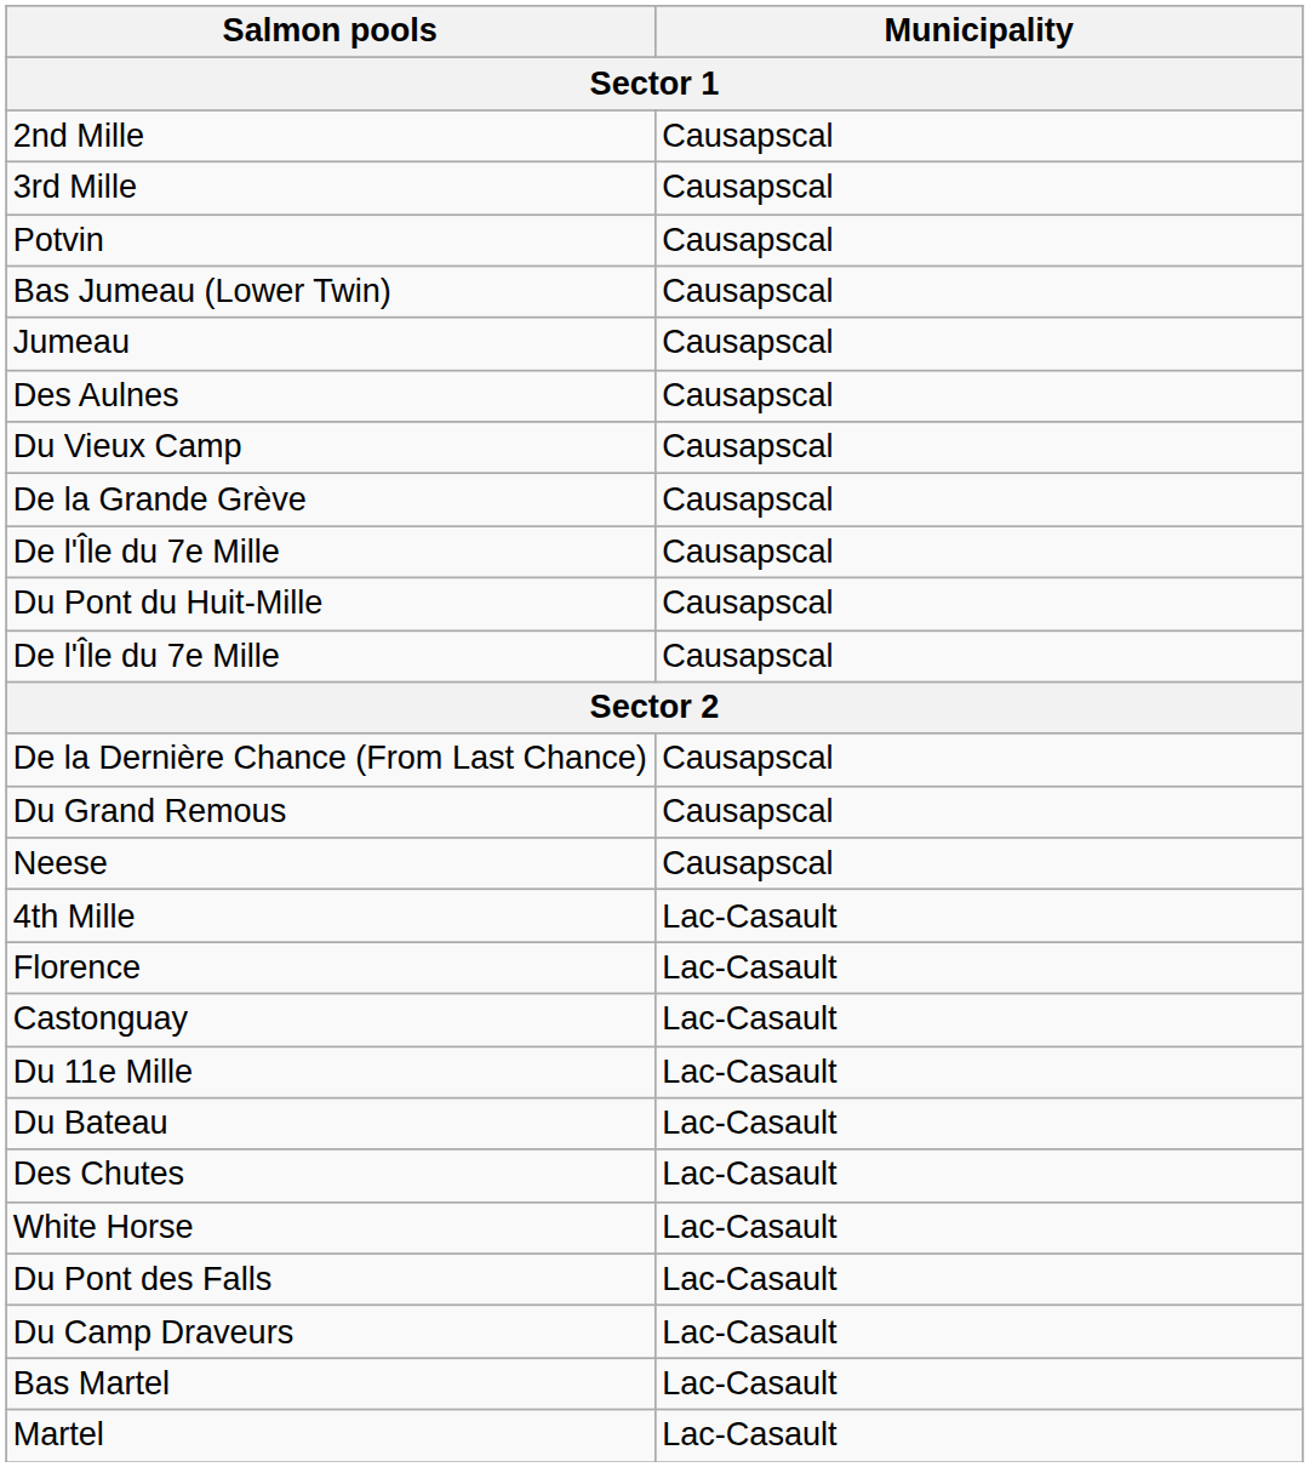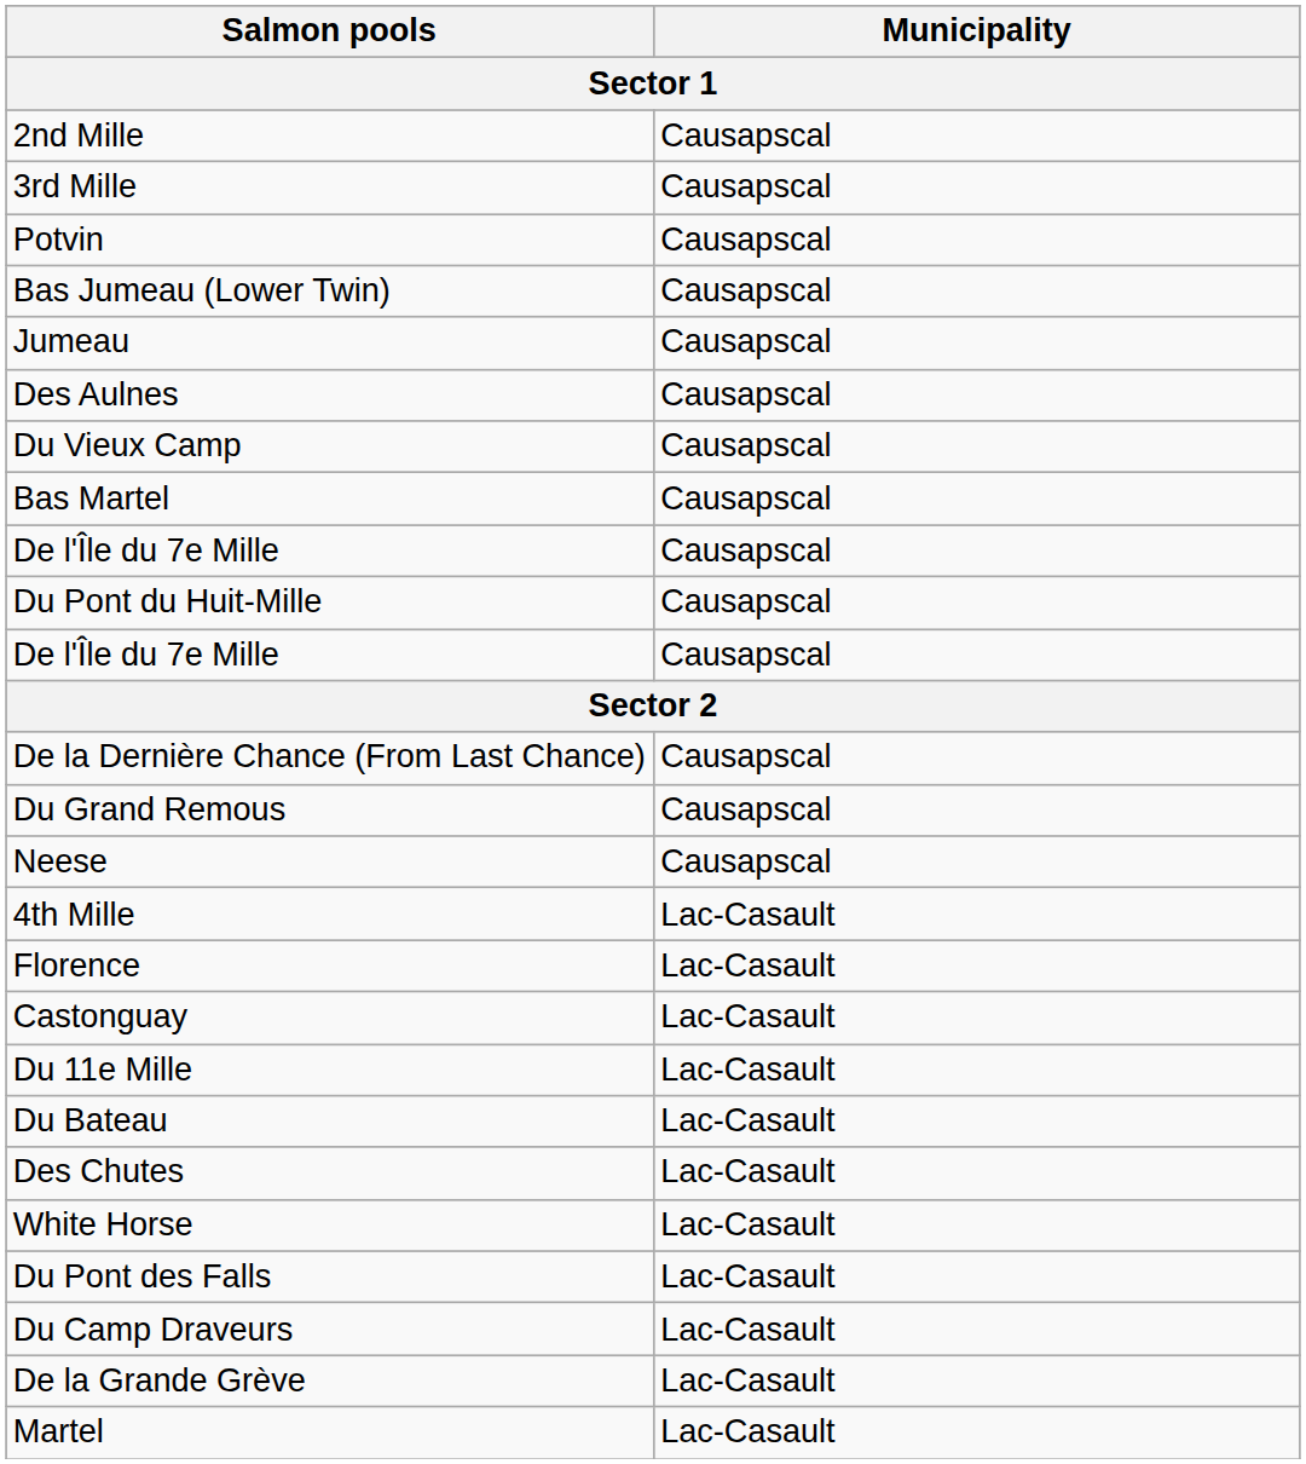 <table class="wikitable" style="margin:1em auto;">
 <tr>
 <th>Salmon pools</th>
 <th Width = "50%">Municipality</th>
 </tr>
 <tr>
 <th Colspan = "2">Sector 1</th>
 </tr>
 <tr>
 <td>2nd Mille</td>
 <td>Causapscal</td>
 </tr>
 <tr>
 <td>3rd Mille</td>
 <td>Causapscal</td>
 </tr>
 <tr>
 <td>Potvin</td>
 <td>Causapscal</td>
 </tr>
 <tr>
 <td>Bas Jumeau (Lower Twin)</td>
 <td>Causapscal</td>
 </tr>
 <tr>
 <td>Jumeau</td>
 <td>Causapscal</td>
 </tr>
 <tr>
 <td>Des Aulnes</td>
 <td>Causapscal</td>
 </tr>
 <tr>
 <td>Du Vieux Camp</td>
 <td>Causapscal</td>
 </tr>
 <tr>
-<td>De la Grande Grève</td>
+<td>Bas Martel</td>
 <td>Causapscal</td>
 </tr>
 <tr>
 <td>De l'Île du 7e Mille</td>
 <td>Causapscal</td>
 </tr>
 <tr>
 <td>Du Pont du Huit-Mille</td>
 <td>Causapscal</td>
 </tr>
 <tr>
 <td>De l'Île du 7e Mille</td>
 <td>Causapscal</td>
 </tr>
 <tr>
 <th Colspan = "2">Sector 2</th>
 </tr>
 <tr>
 <td>De la Dernière Chance (From Last Chance)</td>
 <td>Causapscal</td>
 </tr>
 <tr>
 <td>Du Grand Remous</td>
 <td>Causapscal</td>
 </tr>
 <tr>
 <td>Neese</td>
 <td>Causapscal</td>
 </tr>
 <tr>
 <td>4th Mille</td>
 <td>Lac-Casault</td>
 </tr>
 <tr>
 <td>Florence</td>
 <td>Lac-Casault</td>
 </tr>
 <tr>
 <td>Castonguay</td>
 <td>Lac-Casault</td>
 </tr>
 <tr>
 <td>Du 11e Mille</td>
 <td>Lac-Casault</td>
 </tr>
 <tr>
 <td>Du Bateau</td>
 <td>Lac-Casault</td>
 </tr>
 <tr>
 <td>Des Chutes</td>
 <td>Lac-Casault</td>
 </tr>
 <tr>
 <td>White Horse</td>
 <td>Lac-Casault</td>
 </tr>
 <tr>
 <td>Du Pont des Falls</td>
 <td>Lac-Casault</td>
 </tr>
 <tr>
 <td>Du Camp Draveurs</td>
 <td>Lac-Casault</td>
 </tr>
 <tr>
-<td>Bas Martel</td>
+<td>De la Grande Grève</td>
 <td>Lac-Casault</td>
 </tr>
 <tr>
 <td>Martel</td>
 <td>Lac-Casault</td>
 </tr>
 <tr>
 </tr>
 </table>
